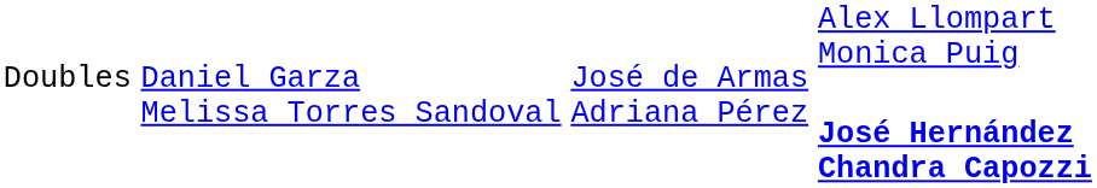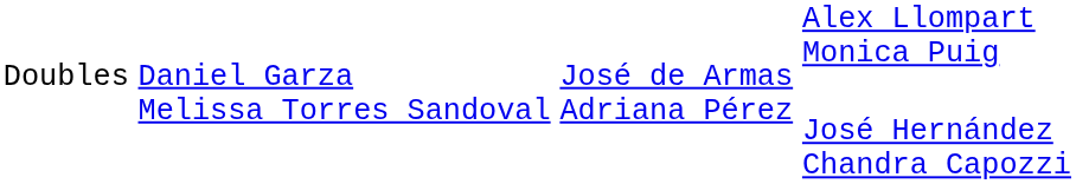 <table>
 <tr>
 <td rowspan=2>Doubles</td>
 <td rowspan=2><br><a href='#'>Daniel Garza</a><br><a href='#'>Melissa Torres Sandoval</a></td>
 <td rowspan=2><br><a href='#'>José de Armas</a><br><a href='#'>Adriana Pérez</a></td>
 <td><br><a href='#'>Alex Llompart</a><br><a href='#'>Monica Puig</a></td>
 </tr>
 <tr>
-<td><strong><br><a href='#'>José Hernández</a><br><a href='#'>Chandra Capozzi</a></strong></td>
+<td><br><a href='#'>José Hernández</a><br><a href='#'>Chandra Capozzi</a></td>
 </tr>
 </table>
